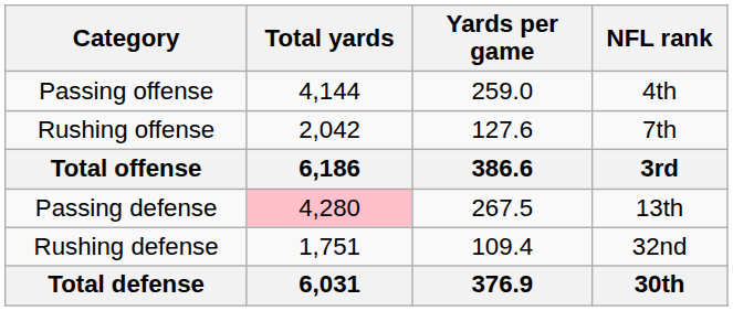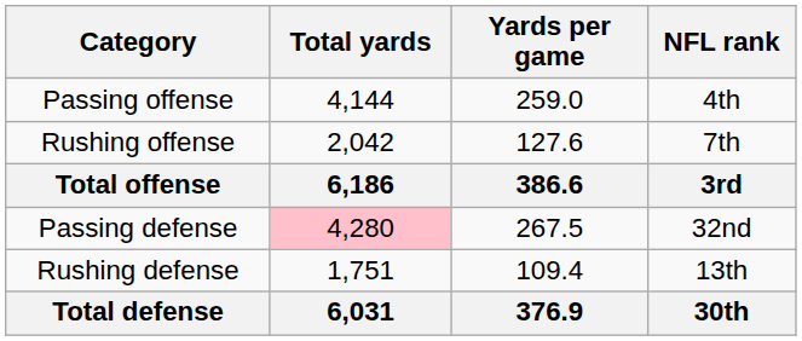 <table class="wikitable" style="text-align:center">
 <tr>
 <th width="150">Category</th>
 <th width="100">Total yards</th>
 <th width="110">Yards per game</th>
 <th width="80">NFL rank<br></th>
 </tr>
 <tr>
 <td>Passing offense</td>
 <td>4,144</td>
 <td>259.0</td>
 <td>4th</td>
 </tr>
 <tr>
 <td>Rushing offense</td>
 <td>2,042</td>
 <td>127.6</td>
 <td>7th</td>
 </tr>
 <tr>
 <th>Total offense</th>
 <th>6,186</th>
 <th>386.6</th>
 <th>3rd</th>
 </tr>
 <tr>
 <td>Passing defense</td>
 <td style="background: pink;">4,280</td>
 <td>267.5</td>
-<td>13th</td>
+<td>32nd</td>
 </tr>
 <tr>
 <td>Rushing defense</td>
 <td>1,751</td>
 <td>109.4</td>
-<td>32nd</td>
+<td>13th</td>
 </tr>
 <tr>
 <th>Total defense</th>
 <th>6,031</th>
 <th>376.9</th>
 <th>30th</th>
 </tr>
 </table>
